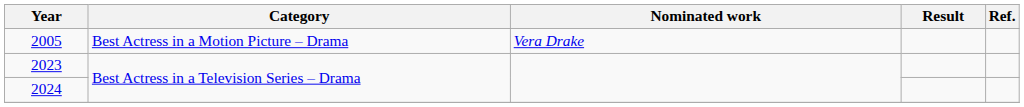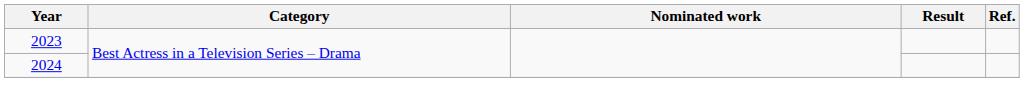 <table class=wikitable>
 <tr>
 <th scope="col" style="width:5em;">Year</th>
 <th scope="col" style="width:27em;">Category</th>
 <th scope="col" style="width:25em;">Nominated work</th>
 <th scope="col" style="width:5em;">Result</th>
 <th>Ref.</th>
-</tr>
-<tr>
-<td style="text-align:center;"><a href='#'>2005</a></td>
-<td><a href='#'>Best Actress in a Motion Picture – Drama</a></td>
-<td><em><a href='#'>Vera Drake</a></em></td>
-<td></td>
-<td style="text-align:center;"></td>
 </tr>
 <tr>
 <td style="text-align:center;"><a href='#'>2023</a></td>
 <td rowspan="2"><a href='#'>Best Actress in a Television Series – Drama</a></td>
 <td rowspan="2"><em></em></td>
 <td></td>
 <td style="text-align:center;"></td>
 </tr>
 <tr>
 <td style="text-align:center;"><a href='#'>2024</a></td>
 <td></td>
 <td style="text-align:center;"></td>
 </tr>
 <tr>
 </tr>
 </table>
